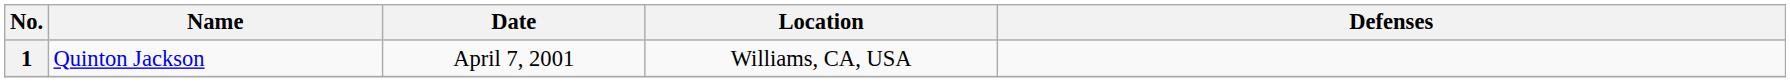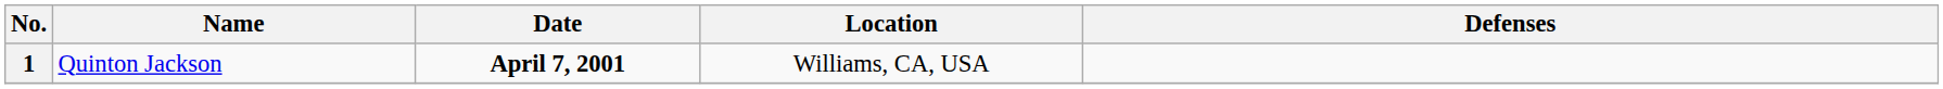 <table class="wikitable" width=100%>
 <tr>
 <th width=1%>No.</th>
 <th width=19%>Name</th>
 <th width=15%>Date</th>
 <th width=20%>Location</th>
 <th width=45%>Defenses</th>
 </tr>
 <tr>
 <th>1</th>
 <td align=left> <a href='#'>Quinton Jackson</a><br></td>
-<td align=center>April 7, 2001<br></td>
+<td align=center><strong>April 7, 2001<br></strong></td>
 <td align=center>Williams, CA, USA</td>
 <td></td>
 </tr>
 <tr>
 </tr>
 </table>
